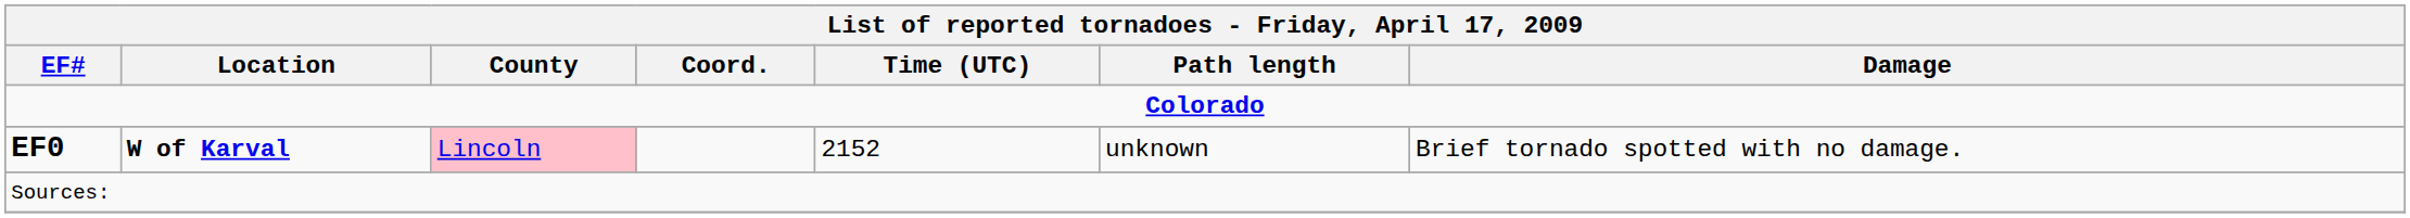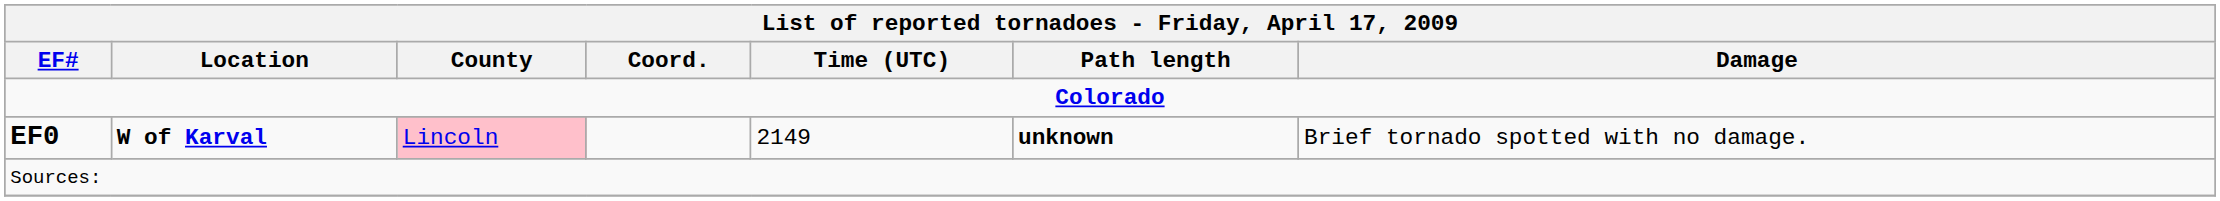 <table class="wikitable collapsible" width="100%">
 <tr>
 <th colspan="7">List of reported tornadoes - Friday, April 17, 2009</th>
 </tr>
 <tr>
 <th><a href='#'>EF#</a></th>
 <th>Location</th>
 <th>County</th>
 <th>Coord.</th>
 <th>Time (UTC)</th>
 <th>Path length</th>
 <th>Damage</th>
 </tr>
 <tr>
 <td colspan="7" align=center><strong><a href='#'>Colorado</a></strong></td>
 </tr>
 <tr>
 <td><big><strong>EF0</strong></big></td>
 <td><strong>W of <a href='#'>Karval</a></strong></td>
 <td style="background: pink;"><a href='#'>Lincoln</a></td>
 <td></td>
-<td>2152</td>
-<td>unknown</td>
+<td>2149</td>
+<td><strong>unknown</strong></td>
 <td>Brief tornado spotted with no damage.</td>
 </tr>
 <tr>
 <td colspan="7"><small>Sources: </small></td>
 </tr>
 <tr>
 </tr>
 </table>
